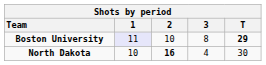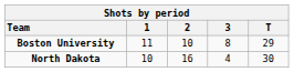 <table class="wikitable" style="width:30em; text-align:right;">
 <tr>
 <th colspan=6>Shots by period</th>
 </tr>
 <tr>
 <th style="width:10em; text-align:left;">Team</th>
 <th style="width:3em;">1</th>
 <th style="width:3em;">2</th>
 <th style="width:3em;">3</th>
 <th style="width:3em;">T</th>
 </tr>
 <tr>
 <td align=center><strong>Boston University</strong></td>
-<td align=center style="background: lavender;">11</td>
+<td align=center>11</td>
 <td align=center>10</td>
 <td align=center>8</td>
-<td align=center><strong>29</strong></td>
+<td align=center>29</td>
 </tr>
 <tr>
 <td align=center><strong>North Dakota</strong></td>
 <td align=center>10</td>
-<td align=center><strong>16</strong></td>
+<td align=center>16</td>
 <td align=center>4</td>
 <td align=center>30</td>
 </tr>
 </table>
